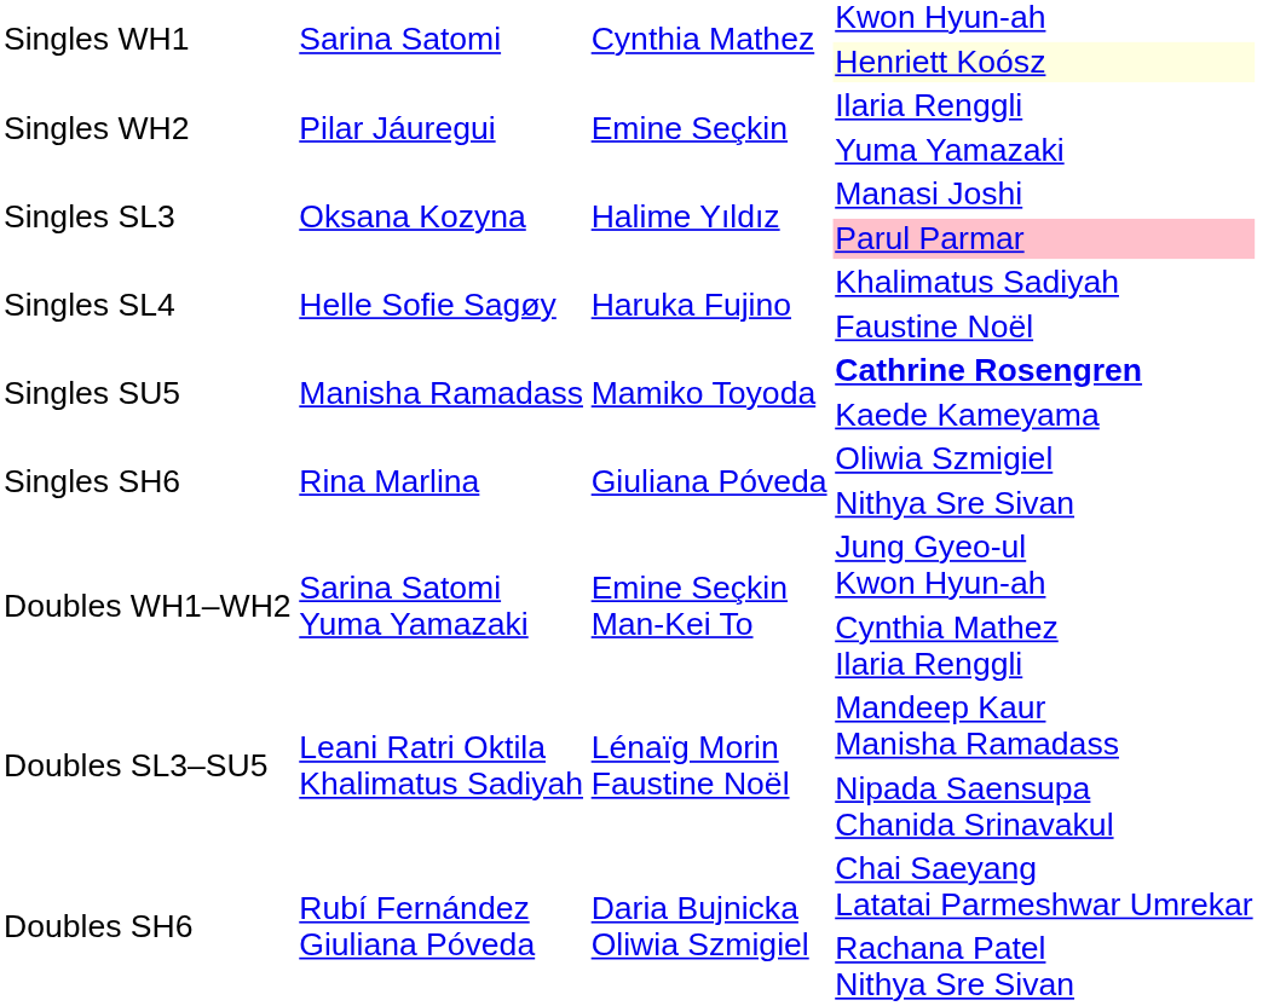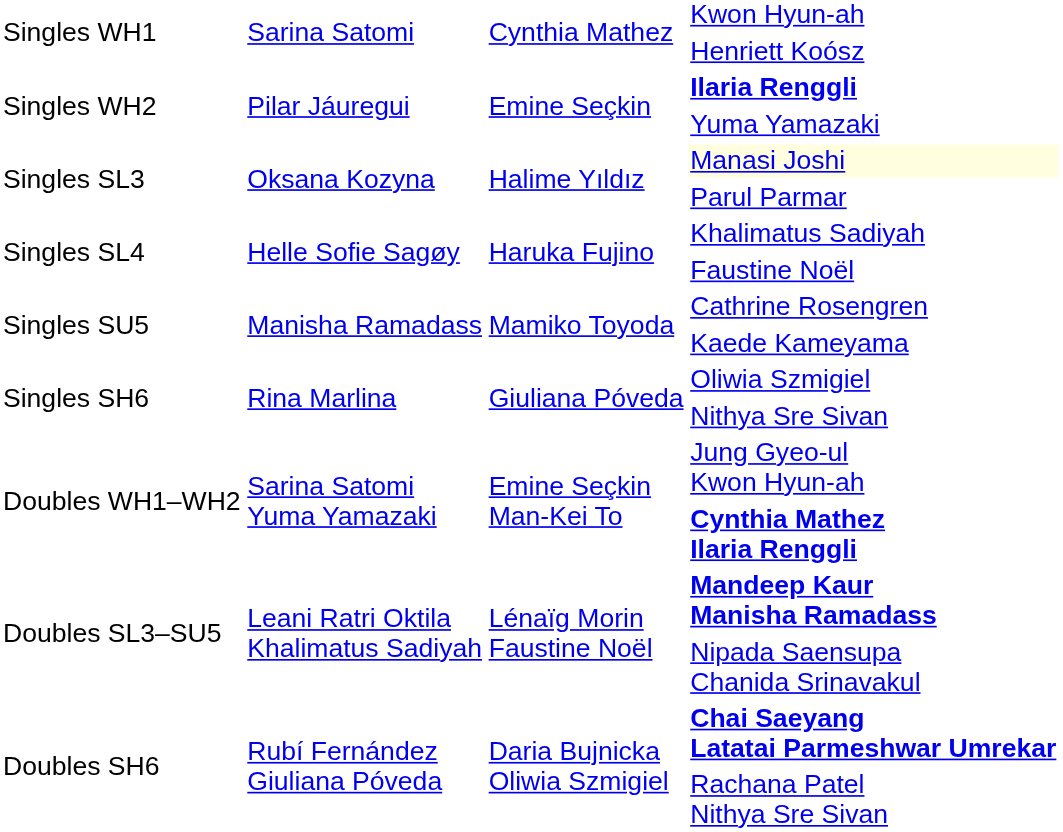 <table>
 <tr>
 <td rowspan="2">Singles WH1<br></td>
 <td rowspan="2"> <a href='#'>Sarina Satomi</a></td>
 <td rowspan="2"> <a href='#'>Cynthia Mathez</a></td>
 <td> <a href='#'>Kwon Hyun-ah</a></td>
 </tr>
 <tr>
-<td style="background: lightyellow;"> <a href='#'>Henriett Koósz</a></td>
+<td> <a href='#'>Henriett Koósz</a></td>
 </tr>
 <tr>
 <td rowspan="2">Singles WH2<br></td>
 <td rowspan="2"> <a href='#'>Pilar Jáuregui</a></td>
 <td rowspan="2"> <a href='#'>Emine Seçkin</a></td>
-<td> <a href='#'>Ilaria Renggli</a></td>
+<td><strong> <a href='#'>Ilaria Renggli</a></strong></td>
 </tr>
 <tr>
 <td> <a href='#'>Yuma Yamazaki</a></td>
 </tr>
 <tr>
 <td rowspan="2">Singles SL3<br></td>
 <td rowspan="2"> <a href='#'>Oksana Kozyna</a></td>
 <td rowspan="2"> <a href='#'>Halime Yıldız</a></td>
-<td> <a href='#'>Manasi Joshi</a></td>
+<td style="background: lightyellow;"> <a href='#'>Manasi Joshi</a></td>
 </tr>
 <tr>
-<td style="background: pink;"> <a href='#'>Parul Parmar</a></td>
+<td> <a href='#'>Parul Parmar</a></td>
 </tr>
 <tr>
 <td rowspan="2">Singles SL4<br></td>
 <td rowspan="2"> <a href='#'>Helle Sofie Sagøy</a></td>
 <td rowspan="2"> <a href='#'>Haruka Fujino</a></td>
 <td> <a href='#'>Khalimatus Sadiyah</a></td>
 </tr>
 <tr>
 <td> <a href='#'>Faustine Noël</a></td>
 </tr>
 <tr>
 <td rowspan="2">Singles SU5<br></td>
 <td rowspan="2"> <a href='#'>Manisha Ramadass</a></td>
 <td rowspan="2"> <a href='#'>Mamiko Toyoda</a></td>
-<td><strong> <a href='#'>Cathrine Rosengren</a></strong></td>
+<td> <a href='#'>Cathrine Rosengren</a></td>
 </tr>
 <tr>
 <td> <a href='#'>Kaede Kameyama</a></td>
 </tr>
 <tr>
 <td rowspan="2">Singles SH6<br></td>
 <td rowspan="2"> <a href='#'>Rina Marlina</a></td>
 <td rowspan="2"> <a href='#'>Giuliana Póveda</a></td>
 <td> <a href='#'>Oliwia Szmigiel</a></td>
 </tr>
 <tr>
 <td> <a href='#'>Nithya Sre Sivan</a></td>
 </tr>
 <tr>
 <td rowspan="2">Doubles WH1–WH2<br></td>
 <td rowspan="2"> <a href='#'>Sarina Satomi</a><br> <a href='#'>Yuma Yamazaki</a></td>
 <td rowspan="2"> <a href='#'>Emine Seçkin</a><br> <a href='#'>Man-Kei To</a></td>
 <td> <a href='#'>Jung Gyeo-ul</a><br> <a href='#'>Kwon Hyun-ah</a></td>
 </tr>
 <tr>
-<td> <a href='#'>Cynthia Mathez</a><br> <a href='#'>Ilaria Renggli</a></td>
+<td><strong> <a href='#'>Cynthia Mathez</a><br> <a href='#'>Ilaria Renggli</a></strong></td>
 </tr>
 <tr>
 <td rowspan="2">Doubles SL3–SU5<br></td>
 <td rowspan="2"> <a href='#'>Leani Ratri Oktila</a><br> <a href='#'>Khalimatus Sadiyah</a></td>
 <td rowspan="2"> <a href='#'>Lénaïg Morin</a><br> <a href='#'>Faustine Noël</a></td>
-<td> <a href='#'>Mandeep Kaur</a><br> <a href='#'>Manisha Ramadass</a></td>
+<td><strong> <a href='#'>Mandeep Kaur</a><br> <a href='#'>Manisha Ramadass</a></strong></td>
 </tr>
 <tr>
 <td> <a href='#'>Nipada Saensupa</a><br> <a href='#'>Chanida Srinavakul</a></td>
 </tr>
 <tr>
 <td rowspan="2">Doubles SH6<br></td>
 <td rowspan="2"> <a href='#'>Rubí Fernández</a><br> <a href='#'>Giuliana Póveda</a></td>
 <td rowspan="2"> <a href='#'>Daria Bujnicka</a><br> <a href='#'>Oliwia Szmigiel</a></td>
-<td> <a href='#'>Chai Saeyang</a><br> <a href='#'>Latatai Parmeshwar Umrekar</a></td>
+<td><strong> <a href='#'>Chai Saeyang</a><br> <a href='#'>Latatai Parmeshwar Umrekar</a></strong></td>
 </tr>
 <tr>
 <td> <a href='#'>Rachana Patel</a><br> <a href='#'>Nithya Sre Sivan</a></td>
 </tr>
 </table>
